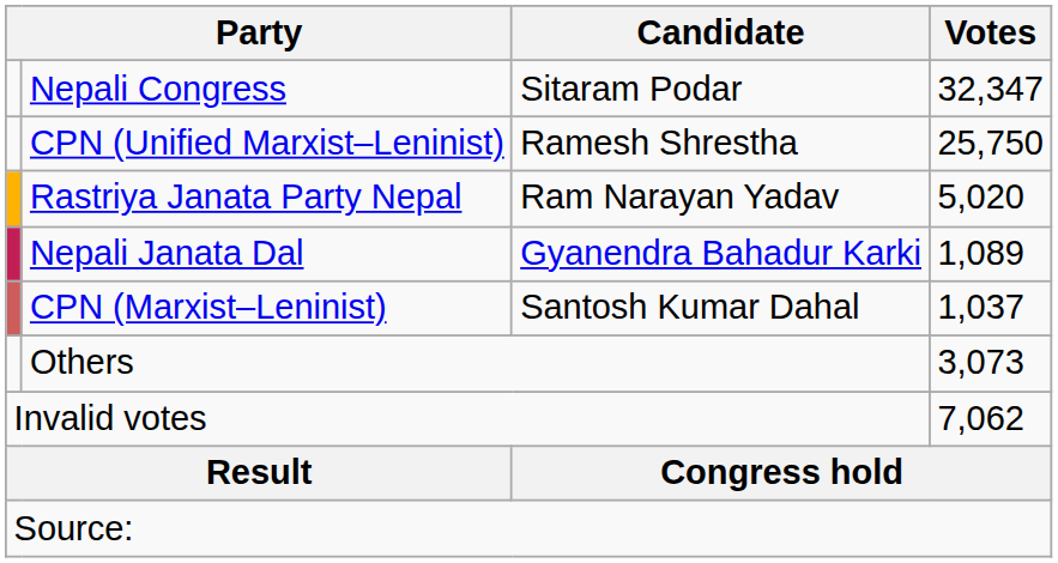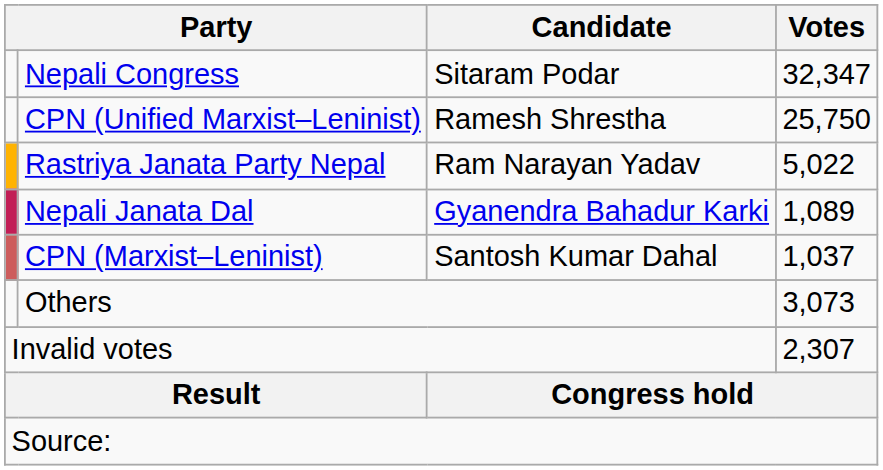 <table class="wikitable">
 <tr>
 <th colspan="2">Party</th>
 <th>Candidate</th>
 <th>Votes</th>
 </tr>
 <tr>
 <td style="background-color:"></td>
 <td><a href='#'>Nepali Congress</a></td>
 <td>Sitaram Podar</td>
 <td>32,347</td>
 </tr>
 <tr>
 <td style="background-color:"></td>
 <td><a href='#'>CPN (Unified Marxist–Leninist)</a></td>
 <td>Ramesh Shrestha</td>
 <td>25,750</td>
 </tr>
 <tr>
 <td style="background-color:#ffb300"></td>
 <td><a href='#'>Rastriya Janata Party Nepal</a></td>
 <td>Ram Narayan Yadav</td>
-<td>5,020</td>
+<td>5,022</td>
 </tr>
 <tr>
 <td style="background-color:#c21e56"></td>
 <td><a href='#'>Nepali Janata Dal</a></td>
 <td><a href='#'>Gyanendra Bahadur Karki</a></td>
 <td>1,089</td>
 </tr>
 <tr>
 <td style="background-color:indianred"></td>
 <td><a href='#'>CPN (Marxist–Leninist)</a></td>
 <td>Santosh Kumar Dahal</td>
 <td>1,037</td>
 </tr>
 <tr>
 <td></td>
 <td colspan="2">Others</td>
 <td>3,073</td>
 </tr>
 <tr>
 <td colspan="3">Invalid votes</td>
-<td>7,062</td>
+<td>2,307</td>
 </tr>
 <tr>
 <th colspan="2">Result</th>
 <th colspan="2">Congress hold</th>
 </tr>
 <tr>
 <td colspan="4">Source: </td>
 </tr>
 </table>
